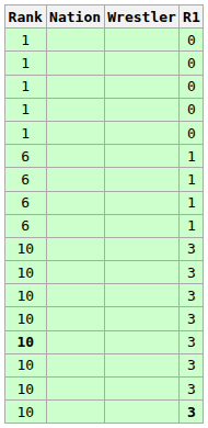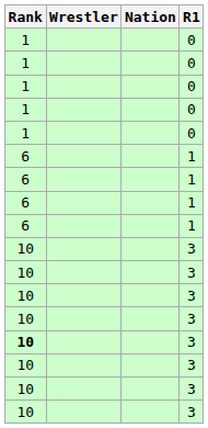 <table class="wikitable sortable" style="text-align:center;">
 <tr>
 <th>Rank</th>
+<th>Wrestler</th>
 <th>Nation</th>
-<th>Wrestler</th>
 <th>R1</th>
 </tr>
 <tr style="background:#cfc;">
 <td>1</td>
 <td align=left></td>
 <td align=left></td>
 <td>0</td>
 </tr>
 <tr style="background:#cfc;">
 <td>1</td>
 <td align=left></td>
 <td align=left></td>
 <td>0</td>
 </tr>
 <tr style="background:#cfc;">
 <td>1</td>
 <td align=left></td>
 <td align=left></td>
 <td>0</td>
 </tr>
 <tr style="background:#cfc;">
 <td>1</td>
 <td align=left></td>
 <td align=left></td>
 <td>0</td>
 </tr>
 <tr style="background:#cfc;">
 <td>1</td>
 <td align=left></td>
 <td align=left></td>
 <td>0</td>
 </tr>
 <tr style="background:#cfc;">
 <td>6</td>
 <td align=left></td>
 <td align=left></td>
 <td>1</td>
 </tr>
 <tr style="background:#cfc;">
 <td>6</td>
 <td align=left></td>
 <td align=left></td>
 <td>1</td>
 </tr>
 <tr style="background:#cfc;">
 <td>6</td>
 <td align=left></td>
 <td align=left></td>
 <td>1</td>
 </tr>
 <tr style="background:#cfc;">
 <td>6</td>
 <td align=left></td>
 <td align=left></td>
 <td>1</td>
 </tr>
 <tr style="background:#cfc;">
 <td>10</td>
 <td align=left></td>
 <td align=left></td>
 <td>3</td>
 </tr>
 <tr style="background:#cfc;">
 <td>10</td>
 <td align=left></td>
 <td align=left></td>
 <td>3</td>
 </tr>
 <tr style="background:#cfc;">
 <td>10</td>
 <td align=left></td>
 <td align=left></td>
 <td>3</td>
 </tr>
 <tr style="background:#cfc;">
 <td>10</td>
 <td align=left></td>
 <td align=left></td>
 <td>3</td>
 </tr>
 <tr style="background:#cfc;">
 <td><strong>10</strong></td>
 <td align=left></td>
 <td align=left></td>
 <td>3</td>
 </tr>
 <tr style="background:#cfc;">
 <td>10</td>
 <td align=left></td>
 <td align=left></td>
 <td>3</td>
 </tr>
 <tr style="background:#cfc;">
 <td>10</td>
 <td align=left></td>
 <td align=left></td>
 <td>3</td>
 </tr>
 <tr style="background:#cfc;">
 <td>10</td>
 <td align=left></td>
 <td align=left></td>
-<td><strong>3</strong></td>
+<td>3</td>
 </tr>
 </table>
